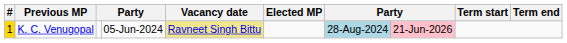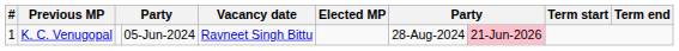 <table class="wikitable" style="text-align:center;">
 <tr>
 <th>#</th>
 <th>Previous MP</th>
 <th colspan="2">Party</th>
 <th>Vacancy date</th>
 <th>Elected MP</th>
 <th colspan="2">Party</th>
 <th>Term start</th>
 <th>Term end</th>
 </tr>
 <tr>
-<td style="background: gold;">1</td>
+<td>1</td>
 <td><a href='#'>K. C. Venugopal</a></td>
 <td></td>
 <td>05-Jun-2024</td>
-<td style="background: khaki;"><a href='#'>Ravneet Singh Bittu</a></td>
+<td><a href='#'>Ravneet Singh Bittu</a></td>
 <td></td>
-<td style="background: lightblue;">28-Aug-2024</td>
+<td>28-Aug-2024</td>
 <td style="background: pink;">21-Jun-2026</td>
 </tr>
 </table>
